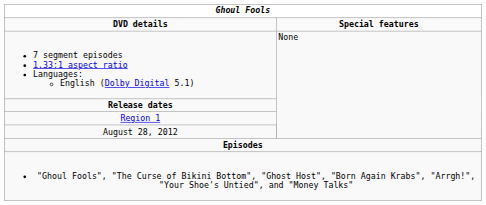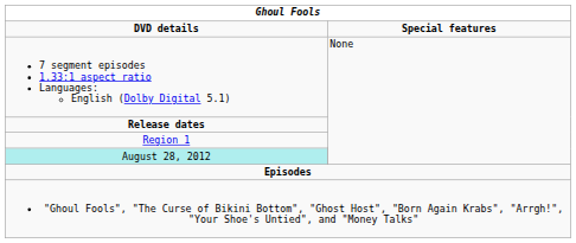 <table class="wikitable" style="font-size: 95%;">
 <tr style="background:#FFF; color:#000;">
 <td colspan="4" align="center"><strong><em>Ghoul Fools</em></strong></td>
 </tr>
 <tr valign="top">
 <td style="text-align:center; width:400px;" colspan="3"><strong>DVD details</strong></td>
 <td style="width:300px; text-align:center;"><strong>Special features</strong></td>
 </tr>
 <tr valign="top">
 <td colspan="3" style="text-align:left; width:400px;"><br><ul><li>7 segment episodes</li><li><a href='#'>1.33:1 aspect ratio</a></li><li>Languages:<ul><li>English (<a href='#'>Dolby Digital</a> 5.1)</li></ul></li></ul></td>
 <td rowspan="4" style="text-align:left; width:300px;">None</td>
 </tr>
 <tr>
 <td colspan="3" style="text-align:center;"><strong>Release dates</strong></td>
 </tr>
 <tr>
 <td colspan="3" style="text-align:center;"><a href='#'>Region 1</a></td>
 </tr>
 <tr style="text-align:center;">
-<td>August 28, 2012</td>
+<td style="background: paleturquoise;">August 28, 2012</td>
 </tr>
 <tr>
 <td style="text-align:center; width:400px;" colspan="4"><strong>Episodes</strong></td>
 </tr>
 <tr>
 <td style="text-align:center; width:400px;" colspan="4"><br><ul><li>"Ghoul Fools", "The Curse of Bikini Bottom", "Ghost Host", "Born Again Krabs", "Arrgh!", "Your Shoe's Untied", and "Money Talks"</li></ul></td>
 </tr>
 </table>
